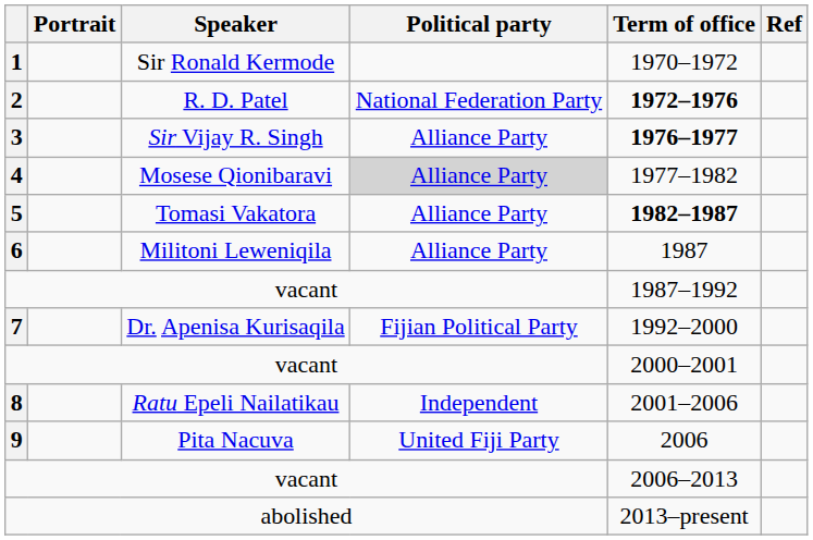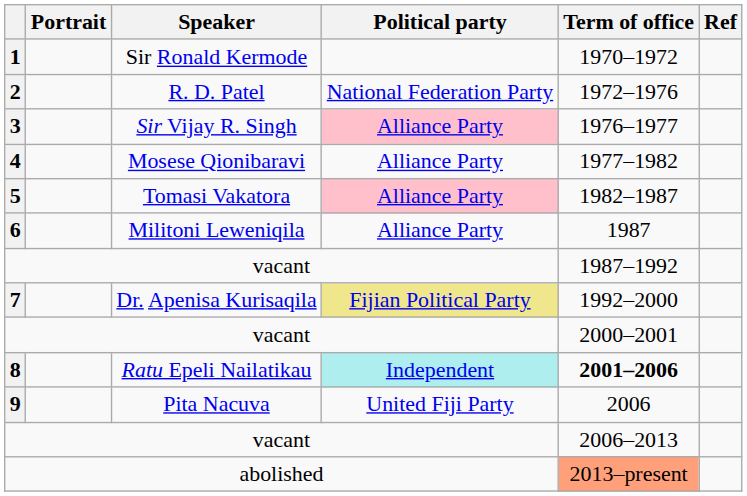 <table class="wikitable"  style="text-align:center;">
 <tr>
 <th></th>
 <th>Portrait</th>
 <th>Speaker</th>
 <th>Political party</th>
 <th>Term of office</th>
 <th>Ref</th>
 </tr>
 <tr>
 <th style="background-color: ; color:">1</th>
 <td></td>
 <td>Sir <a href='#'>Ronald Kermode</a></td>
 <td></td>
 <td>1970–1972</td>
 <td></td>
 </tr>
 <tr>
 <th style="background-color: ">2</th>
 <td></td>
 <td><a href='#'>R. D. Patel</a></td>
 <td><a href='#'>National Federation Party</a></td>
-<td><strong>1972–1976</strong></td>
+<td>1972–1976</td>
 <td></td>
 </tr>
 <tr>
 <th style="background-color: ">3</th>
 <td></td>
 <td><a href='#'><em>Sir</em> Vijay R. Singh</a></td>
-<td><a href='#'>Alliance Party</a></td>
-<td><strong>1976–1977</strong></td>
+<td style="background: pink;"><a href='#'>Alliance Party</a></td>
+<td>1976–1977</td>
 <td></td>
 </tr>
 <tr>
 <th style="background-color: ">4</th>
 <td></td>
 <td><a href='#'>Mosese Qionibaravi</a></td>
-<td style="background: lightgrey;"><a href='#'>Alliance Party</a></td>
+<td><a href='#'>Alliance Party</a></td>
 <td>1977–1982</td>
 <td></td>
 </tr>
 <tr>
 <th style="background-color: ">5</th>
 <td></td>
 <td><a href='#'>Tomasi Vakatora</a></td>
-<td><a href='#'>Alliance Party</a></td>
-<td><strong>1982–1987</strong></td>
+<td style="background: pink;"><a href='#'>Alliance Party</a></td>
+<td>1982–1987</td>
 <td></td>
 </tr>
 <tr>
 <th style="background-color: ">6</th>
 <td></td>
 <td><a href='#'>Militoni Leweniqila</a></td>
 <td><a href='#'>Alliance Party</a></td>
 <td>1987</td>
 <td></td>
 </tr>
 <tr>
 <td colspan=4 align="center">vacant</td>
 <td>1987–1992</td>
 <td></td>
 </tr>
 <tr>
 <th style="background-color: ">7</th>
 <td></td>
 <td><a href='#'>Dr.</a> <a href='#'>Apenisa Kurisaqila</a></td>
-<td><a href='#'>Fijian Political Party</a></td>
+<td style="background: khaki;"><a href='#'>Fijian Political Party</a></td>
 <td>1992–2000</td>
 <td></td>
 </tr>
 <tr>
 <td colspan=4 align="center">vacant</td>
 <td>2000–2001</td>
 <td></td>
 </tr>
 <tr>
 <th style="background-color: ">8</th>
 <td></td>
 <td><a href='#'><em>Ratu</em> Epeli Nailatikau</a></td>
-<td><a href='#'>Independent</a></td>
-<td>2001–2006</td>
+<td style="background: paleturquoise;"><a href='#'>Independent</a></td>
+<td><strong>2001–2006</strong></td>
 <td></td>
 </tr>
 <tr>
 <th style="background-color: ">9</th>
 <td></td>
 <td><a href='#'>Pita Nacuva</a></td>
 <td><a href='#'>United Fiji Party</a></td>
 <td>2006</td>
 <td></td>
 </tr>
 <tr>
 <td colspan=4 align="center">vacant</td>
 <td>2006–2013</td>
 <td></td>
 </tr>
 <tr>
 <td colspan=4 align="center">abolished</td>
-<td>2013–present</td>
+<td style="background: lightsalmon;">2013–present</td>
 <td></td>
 </tr>
 </table>
